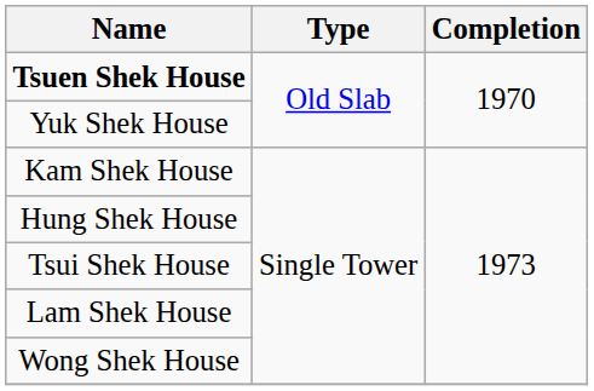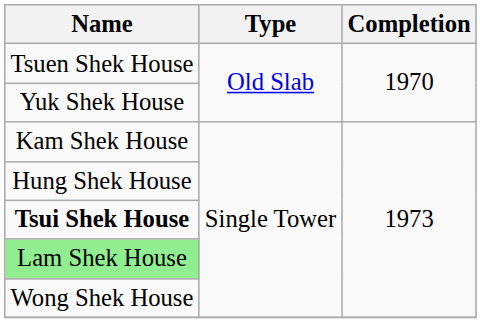 <table class="wikitable" style="text-align: center">
 <tr>
 <th>Name</th>
 <th>Type</th>
 <th>Completion</th>
 </tr>
 <tr>
-<td><strong>Tsuen Shek House</strong></td>
+<td>Tsuen Shek House</td>
 <td rowspan="2"><a href='#'>Old Slab</a></td>
 <td rowspan="2">1970</td>
 </tr>
 <tr>
 <td>Yuk Shek House</td>
 </tr>
 <tr>
 <td>Kam Shek House</td>
 <td rowspan="5">Single Tower</td>
 <td rowspan="5">1973</td>
 </tr>
 <tr>
 <td>Hung Shek House</td>
 </tr>
 <tr>
-<td>Tsui Shek House</td>
+<td><strong>Tsui Shek House</strong></td>
 </tr>
 <tr>
-<td>Lam Shek House</td>
+<td style="background: lightgreen;">Lam Shek House</td>
 </tr>
 <tr>
 <td>Wong Shek House</td>
 </tr>
 <tr>
 </tr>
 </table>
